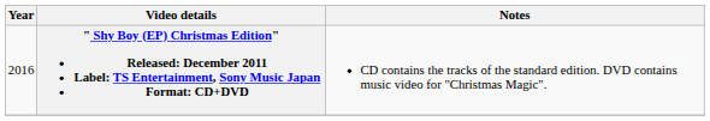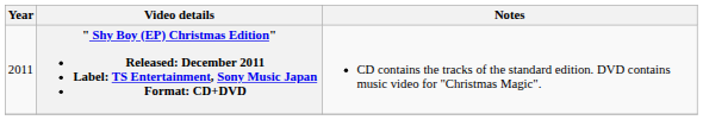 <table class="wikitable plainrowheaders">
 <tr>
 <th scope="col" align="center">Year</th>
 <th scope="col" align="center" width="350">Video details</th>
 <th scope="col">Notes</th>
 </tr>
 <tr>
-<td>2016</td>
+<td>2011</td>
 <th scope="row">"<a href='#'> Shy Boy (EP) Christmas Edition</a>"<br><ul><li>Released: December 2011</li><li>Label: <a href='#'>TS Entertainment</a>, <a href='#'>Sony Music Japan</a></li><li>Format: CD+DVD</li></ul></th>
 <td><br><ul><li>CD contains the tracks of the standard edition. DVD contains music video for "Christmas Magic".</li></ul></td>
 </tr>
 <tr>
 </tr>
 </table>
